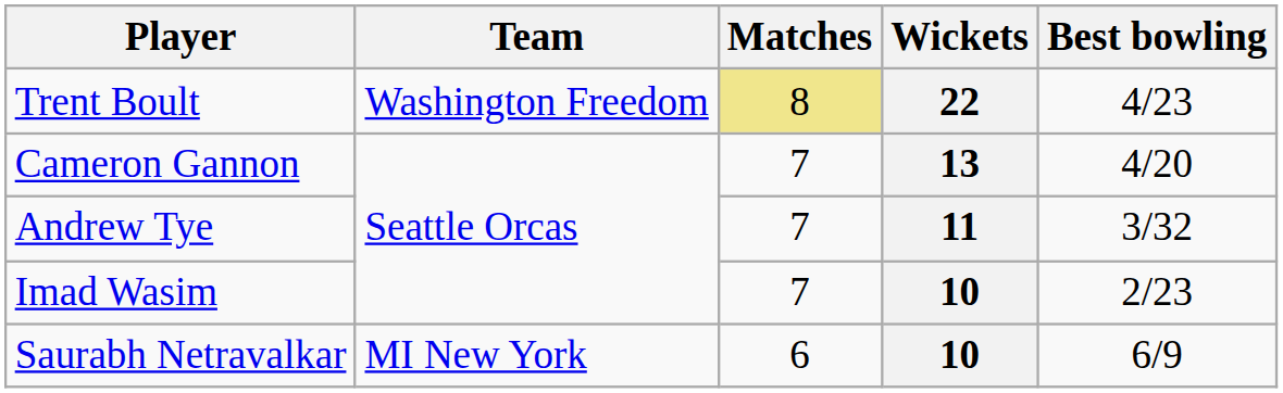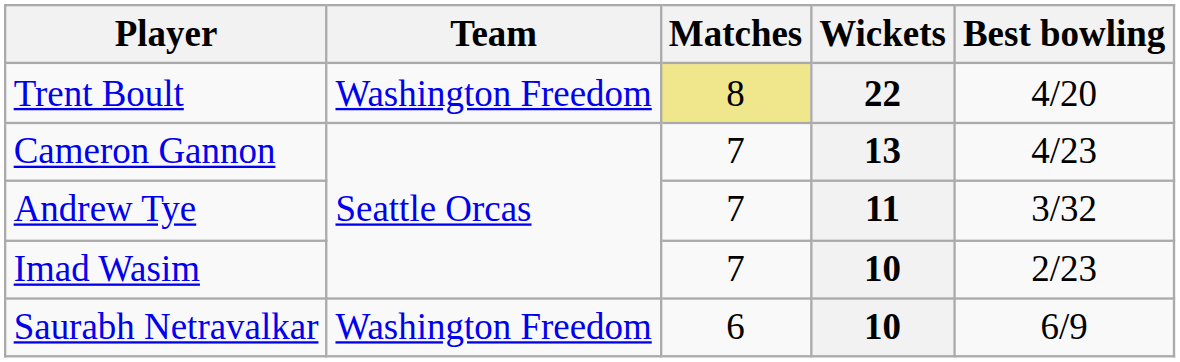 <table class="wikitable sortable" style="text-align:center">
 <tr>
 <th scope="col" class="unsortable">Player</th>
 <th scope="col">Team</th>
 <th scope="col">Matches</th>
 <th scope="col">Wickets</th>
 <th scope="col">Best bowling</th>
 </tr>
 <tr>
 <td scope="row" style="text-align:left"><a href='#'>Trent Boult</a></td>
 <td style="text-align:left"><a href='#'>Washington Freedom</a></td>
 <td style="background: khaki;">8</td>
 <th>22</th>
-<td>4/23</td>
+<td>4/20</td>
 </tr>
 <tr>
 <td scope="row" style="text-align:left"><a href='#'>Cameron Gannon</a></td>
 <td style="text-align:left" rowspan=3><a href='#'>Seattle Orcas</a></td>
 <td>7</td>
 <th>13</th>
-<td>4/20</td>
+<td>4/23</td>
 </tr>
 <tr>
 <td scope="row" style="text-align:left"><a href='#'>Andrew Tye</a></td>
 <td>7</td>
 <th>11</th>
 <td>3/32</td>
 </tr>
 <tr>
 <td scope="row" style="text-align:left"><a href='#'>Imad Wasim</a></td>
 <td>7</td>
 <th>10</th>
 <td>2/23</td>
 </tr>
 <tr>
 <td scope="row" style="text-align:left"><a href='#'>Saurabh Netravalkar</a></td>
-<td style="text-align:left"><a href='#'>MI New York</a></td>
+<td style="text-align:left"><a href='#'>Washington Freedom</a></td>
 <td>6</td>
 <th>10</th>
 <td>6/9</td>
 </tr>
 </table>
